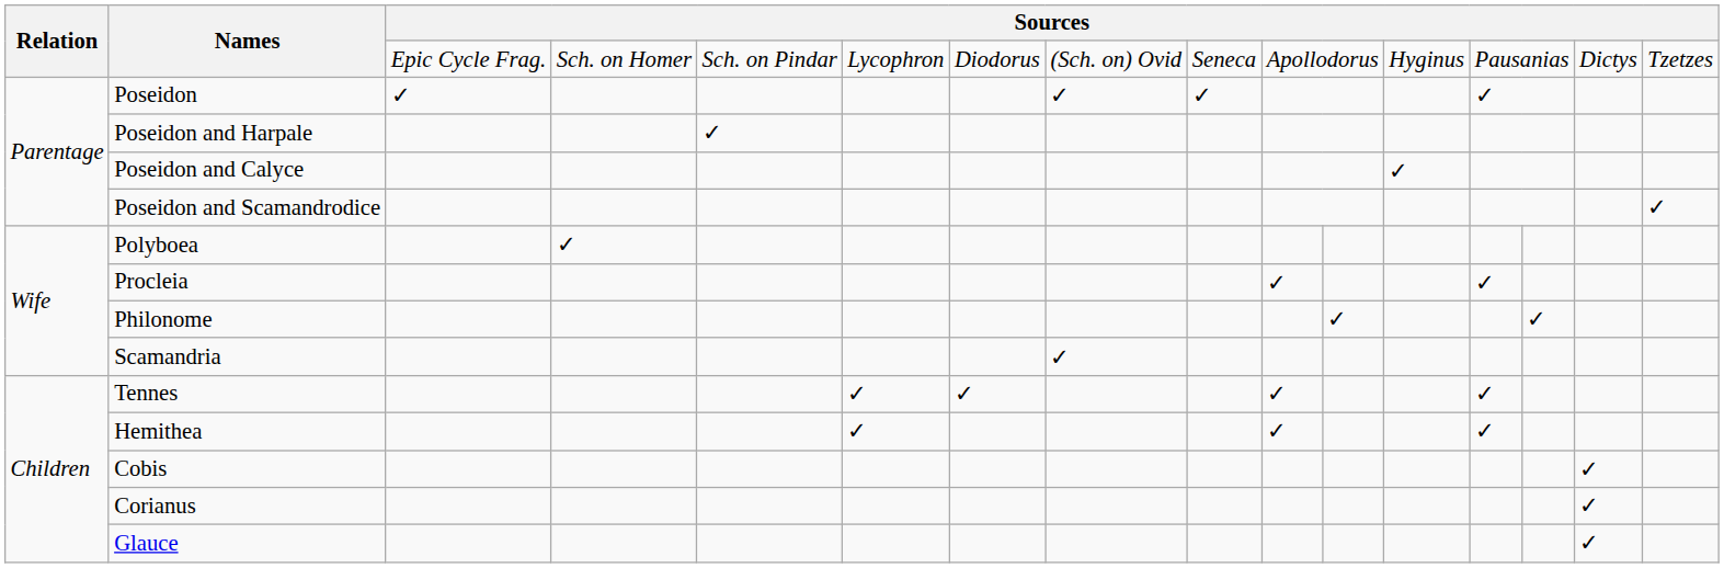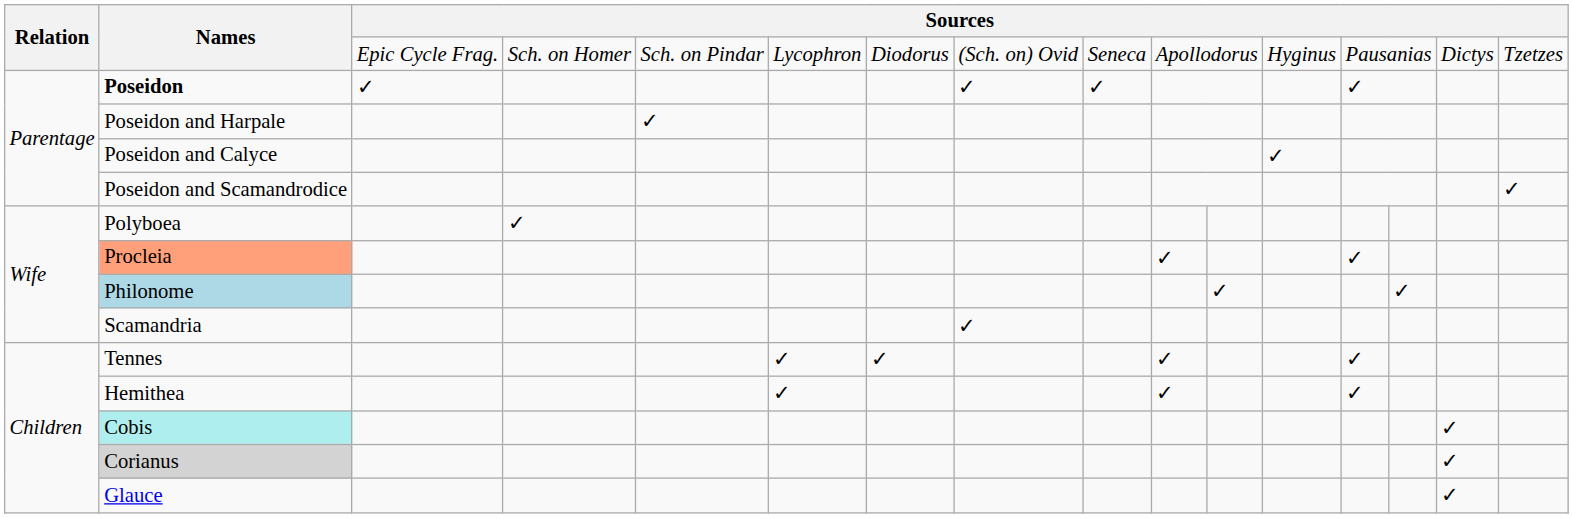 <table class="wikitable">
 <tr>
 <th rowspan="2">Relation</th>
 <th rowspan="2">Names</th>
 <th colspan="14">Sources</th>
 </tr>
 <tr>
 <td><em>Epic Cycle Frag.</em></td>
 <td><em>Sch. on Homer</em></td>
 <td><em>Sch. on Pindar</em></td>
 <td><em>Lycophron</em></td>
 <td><em>Diodorus</em></td>
 <td><em>(Sch. on) Ovid</em></td>
 <td><em>Seneca</em></td>
 <td colspan="2"><em>Apollodorus</em></td>
 <td><em>Hyginus</em></td>
 <td colspan="2"><em>Pausanias</em></td>
 <td><em>Dictys</em></td>
 <td><em>Tzetzes</em></td>
 </tr>
 <tr>
 <td rowspan="4"><em>Parentage</em></td>
-<td>Poseidon</td>
+<td><strong>Poseidon</strong></td>
 <td>✓</td>
 <td></td>
 <td></td>
 <td></td>
 <td></td>
 <td>✓</td>
 <td>✓</td>
 <td colspan="2"></td>
 <td></td>
 <td colspan="2">✓</td>
 <td></td>
 <td></td>
 </tr>
 <tr>
 <td>Poseidon and Harpale</td>
 <td></td>
 <td></td>
 <td>✓</td>
 <td></td>
 <td></td>
 <td></td>
 <td></td>
 <td colspan="2"></td>
 <td></td>
 <td colspan="2"></td>
 <td></td>
 <td></td>
 </tr>
 <tr>
 <td>Poseidon and Calyce</td>
 <td></td>
 <td></td>
 <td></td>
 <td></td>
 <td></td>
 <td></td>
 <td></td>
 <td colspan="2"></td>
 <td>✓</td>
 <td colspan="2"></td>
 <td></td>
 <td></td>
 </tr>
 <tr>
 <td>Poseidon and Scamandrodice</td>
 <td></td>
 <td></td>
 <td></td>
 <td></td>
 <td></td>
 <td></td>
 <td></td>
 <td colspan="2"></td>
 <td></td>
 <td colspan="2"></td>
 <td></td>
 <td>✓</td>
 </tr>
 <tr>
 <td rowspan="4"><em>Wife</em></td>
 <td>Polyboea</td>
 <td></td>
 <td>✓</td>
 <td></td>
 <td></td>
 <td></td>
 <td></td>
 <td></td>
 <td></td>
 <td></td>
 <td></td>
 <td></td>
 <td></td>
 <td></td>
 <td></td>
 </tr>
 <tr>
-<td>Procleia</td>
+<td style="background: lightsalmon;">Procleia</td>
 <td></td>
 <td></td>
 <td></td>
 <td></td>
 <td></td>
 <td></td>
 <td></td>
 <td>✓</td>
 <td></td>
 <td></td>
 <td>✓</td>
 <td></td>
 <td></td>
 <td></td>
 </tr>
 <tr>
-<td>Philonome</td>
+<td style="background: lightblue;">Philonome</td>
 <td></td>
 <td></td>
 <td></td>
 <td></td>
 <td></td>
 <td></td>
 <td></td>
 <td></td>
 <td>✓</td>
 <td></td>
 <td></td>
 <td>✓</td>
 <td></td>
 <td></td>
 </tr>
 <tr>
 <td>Scamandria</td>
 <td></td>
 <td></td>
 <td></td>
 <td></td>
 <td></td>
 <td>✓</td>
 <td></td>
 <td></td>
 <td></td>
 <td></td>
 <td></td>
 <td></td>
 <td></td>
 <td></td>
 </tr>
 <tr>
 <td rowspan="5"><em>Children</em></td>
 <td>Tennes</td>
 <td></td>
 <td></td>
 <td></td>
 <td>✓</td>
 <td>✓</td>
 <td></td>
 <td></td>
 <td>✓</td>
 <td></td>
 <td></td>
 <td>✓</td>
 <td></td>
 <td></td>
 <td></td>
 </tr>
 <tr>
 <td>Hemithea</td>
 <td></td>
 <td></td>
 <td></td>
 <td>✓</td>
 <td></td>
 <td></td>
 <td></td>
 <td>✓</td>
 <td></td>
 <td></td>
 <td>✓</td>
 <td></td>
 <td></td>
 <td></td>
 </tr>
 <tr>
-<td>Cobis</td>
+<td style="background: paleturquoise;">Cobis</td>
 <td></td>
 <td></td>
 <td></td>
 <td></td>
 <td></td>
 <td></td>
 <td></td>
 <td></td>
 <td></td>
 <td></td>
 <td></td>
 <td></td>
 <td>✓</td>
 <td></td>
 </tr>
 <tr>
-<td>Corianus</td>
+<td style="background: lightgrey;">Corianus</td>
 <td></td>
 <td></td>
 <td></td>
 <td></td>
 <td></td>
 <td></td>
 <td></td>
 <td></td>
 <td></td>
 <td></td>
 <td></td>
 <td></td>
 <td>✓</td>
 <td></td>
 </tr>
 <tr>
 <td><a href='#'>Glauce</a></td>
 <td></td>
 <td></td>
 <td></td>
 <td></td>
 <td></td>
 <td></td>
 <td></td>
 <td></td>
 <td></td>
 <td></td>
 <td></td>
 <td></td>
 <td>✓</td>
 <td></td>
 </tr>
 </table>
